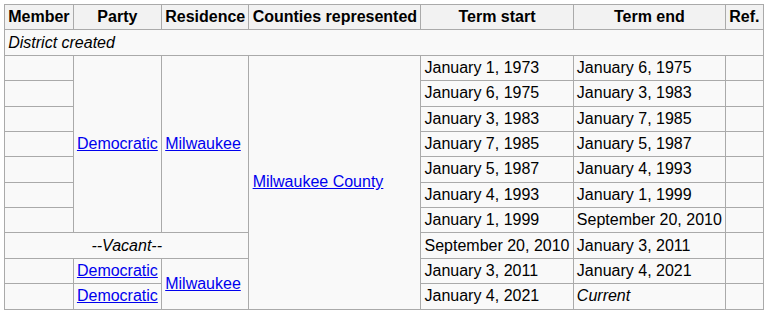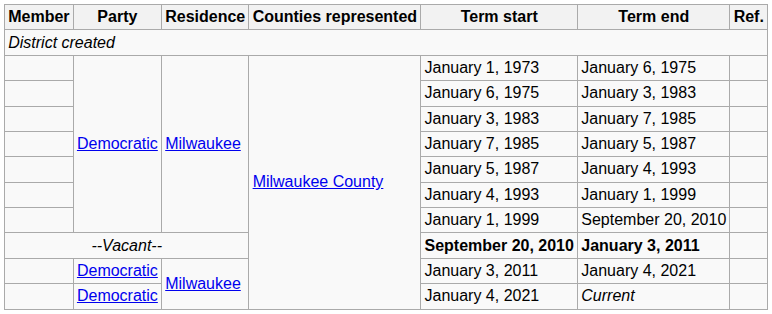 <table class="wikitable">
 <tr>
 <th>Member</th>
 <th>Party</th>
 <th>Residence</th>
 <th>Counties represented</th>
 <th>Term start</th>
 <th>Term end</th>
 <th>Ref.</th>
 </tr>
 <tr>
 <td colspan="7"><em>District created</em></td>
 </tr>
 <tr>
 <td></td>
 <td rowspan="7" ><a href='#'>Democratic</a></td>
 <td rowspan="7"><a href='#'>Milwaukee</a></td>
 <td rowspan="10"><a href='#'>Milwaukee County</a></td>
 <td>January 1, 1973</td>
 <td>January 6, 1975</td>
 <td></td>
 </tr>
 <tr>
 <td></td>
 <td>January 6, 1975</td>
 <td>January 3, 1983</td>
 <td></td>
 </tr>
 <tr>
 <td></td>
 <td>January 3, 1983</td>
 <td>January 7, 1985</td>
 <td></td>
 </tr>
 <tr>
 <td></td>
 <td>January 7, 1985</td>
 <td>January 5, 1987</td>
 <td></td>
 </tr>
 <tr>
 <td></td>
 <td>January 5, 1987</td>
 <td>January 4, 1993</td>
 <td></td>
 </tr>
 <tr>
 <td></td>
 <td>January 4, 1993</td>
 <td>January 1, 1999</td>
 <td></td>
 </tr>
 <tr>
 <td></td>
 <td>January 1, 1999</td>
 <td>September 20, 2010</td>
 <td></td>
 </tr>
 <tr>
 <td colspan="3" style="text-align:center"><em>--Vacant--</em></td>
-<td>September 20, 2010</td>
-<td>January 3, 2011</td>
+<td><strong>September 20, 2010</strong></td>
+<td><strong>January 3, 2011</strong></td>
 <td></td>
 </tr>
 <tr>
 <td></td>
 <td><a href='#'>Democratic</a></td>
 <td rowspan="2"><a href='#'>Milwaukee</a></td>
 <td>January 3, 2011</td>
 <td>January 4, 2021</td>
 <td></td>
 </tr>
 <tr>
 <td></td>
 <td><a href='#'>Democratic</a></td>
 <td>January 4, 2021</td>
 <td><em>Current</em></td>
 <td></td>
 </tr>
 </table>
